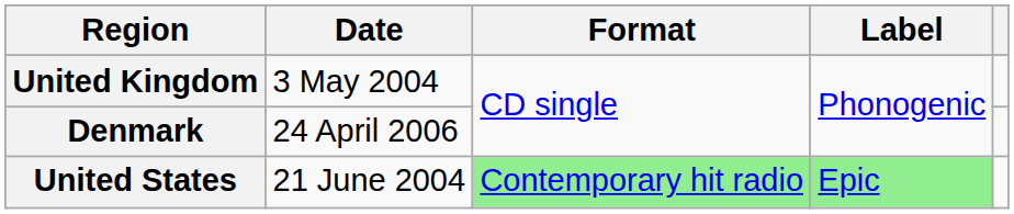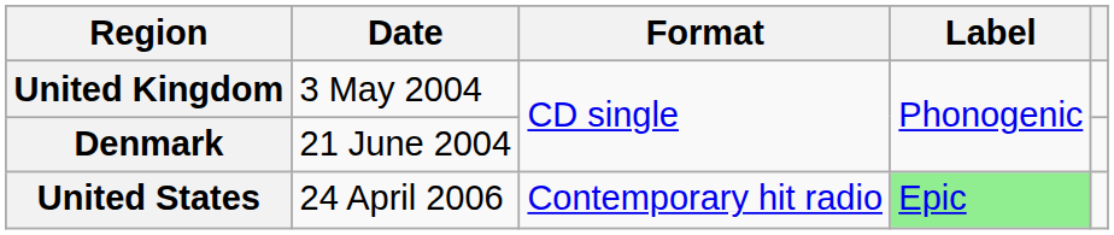 <table class="wikitable plainrowheaders">
 <tr>
 <th scope="col">Region</th>
 <th scope="col">Date</th>
 <th scope="col">Format</th>
 <th scope="col">Label</th>
 <th scope="col"></th>
 </tr>
 <tr>
 <th scope="row">United Kingdom</th>
 <td>3 May 2004</td>
 <td rowspan="2"><a href='#'>CD single</a></td>
 <td rowspan="2"><a href='#'>Phonogenic</a></td>
 <td></td>
 </tr>
 <tr>
 <th scope="row">Denmark</th>
-<td>24 April 2006</td>
+<td>21 June 2004</td>
 <td></td>
 </tr>
 <tr>
 <th scope="row">United States</th>
-<td>21 June 2004</td>
-<td style="background: lightgreen;"><a href='#'>Contemporary hit radio</a></td>
+<td>24 April 2006</td>
+<td><a href='#'>Contemporary hit radio</a></td>
 <td style="background: lightgreen;"><a href='#'>Epic</a></td>
 <td></td>
 </tr>
 </table>
